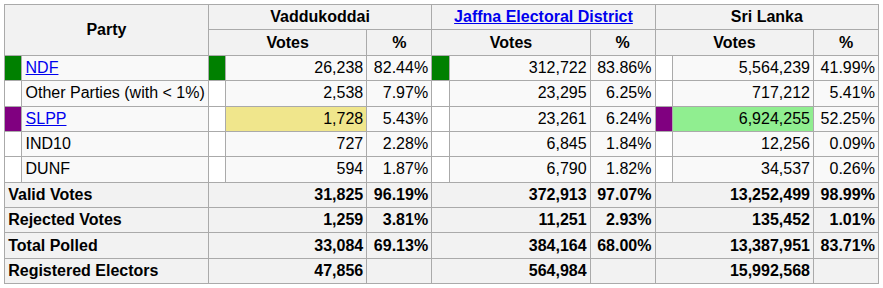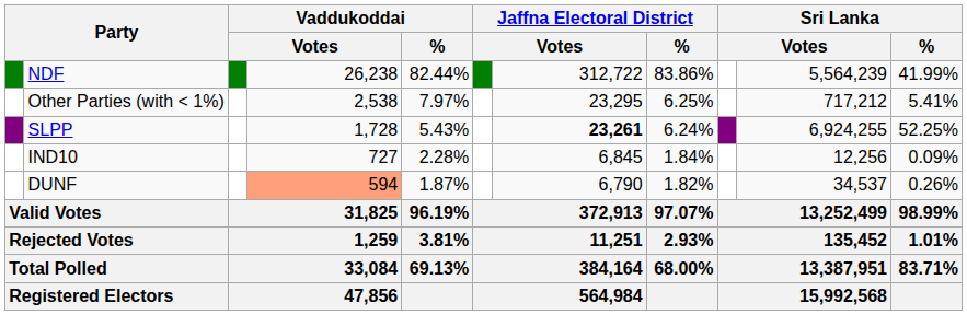 <table class="wikitable">
 <tr>
 <th colspan="2" width="144px"rowspan="2">Party</th>
 <th colspan="3" width="216px">Vaddukoddai</th>
 <th colspan="3" width="216px"><a href='#'>Jaffna Electoral District</a></th>
 <th colspan="3" width="216px">Sri Lanka</th>
 </tr>
 <tr>
 <th colspan="2" width="144px">Votes</th>
 <th>%</th>
 <th colspan="2" width="144px">Votes</th>
 <th>%</th>
 <th colspan="2" width="144px">Votes</th>
 <th>%</th>
 </tr>
 <tr>
 <td style="background-color:green;" width="10px"></td>
 <td style="text-align:left;"><a href='#'>NDF</a></td>
 <td style="background-color:green;" width="10px"></td>
 <td style="text-align:right;">26,238</td>
 <td style="text-align:right;">82.44%</td>
 <td style="background-color:green;" width="10px"></td>
 <td style="text-align:right;">312,722</td>
 <td style="text-align:right;">83.86%</td>
 <td style="background-color:white;" width="10px"></td>
 <td style="text-align:right;">5,564,239</td>
 <td style="text-align:right;">41.99%</td>
 </tr>
 <tr>
 <td style="background-color:white;" width="10px"></td>
 <td style="text-align:left;">Other Parties (with < 1%)</td>
 <td style="background-color:white;" width="10px"></td>
 <td style="text-align:right;">2,538</td>
 <td style="text-align:right;">7.97%</td>
 <td style="background-color:white;" width="10px"></td>
 <td style="text-align:right;">23,295</td>
 <td style="text-align:right;">6.25%</td>
 <td style="background-color:white;" width="10px"></td>
 <td style="text-align:right;">717,212</td>
 <td style="text-align:right;">5.41%</td>
 </tr>
 <tr>
 <td style="background-color:purple;" width="10px"></td>
 <td style="text-align:left;"><a href='#'>SLPP</a></td>
 <td style="background-color:white;" width="10px"></td>
-<td style="background: khaki; text-align:right;">1,728</td>
+<td style="text-align:right;">1,728</td>
 <td style="text-align:right;">5.43%</td>
 <td style="background-color:white;" width="10px"></td>
-<td style="text-align:right;">23,261</td>
+<td style="text-align:right;"><strong>23,261</strong></td>
 <td style="text-align:right;">6.24%</td>
 <td style="background-color:purple;" width="10px"></td>
-<td style="background: lightgreen; text-align:right;">6,924,255</td>
+<td style="text-align:right;">6,924,255</td>
 <td style="text-align:right;">52.25%</td>
 </tr>
 <tr>
 <td style="background-color:white;" width="10px"></td>
 <td style="text-align:left;">IND10</td>
 <td style="background-color:white;" width="10px"></td>
 <td style="text-align:right;">727</td>
 <td style="text-align:right;">2.28%</td>
 <td style="background-color:white;" width="10px"></td>
 <td style="text-align:right;">6,845</td>
 <td style="text-align:right;">1.84%</td>
 <td style="background-color:white;" width="10px"></td>
 <td style="text-align:right;">12,256</td>
 <td style="text-align:right;">0.09%</td>
 </tr>
 <tr>
 <td style="background-color:white;" width="10px"></td>
 <td style="text-align:left;">DUNF</td>
 <td style="background-color:white;" width="10px"></td>
-<td style="text-align:right;">594</td>
+<td style="background: lightsalmon; text-align:right;">594</td>
 <td style="text-align:right;">1.87%</td>
 <td style="background-color:white;" width="10px"></td>
 <td style="text-align:right;">6,790</td>
 <td style="text-align:right;">1.82%</td>
 <td style="background-color:white;" width="10px"></td>
 <td style="text-align:right;">34,537</td>
 <td style="text-align:right;">0.26%</td>
 </tr>
 <tr>
 <th colspan="2" width="144px"style="text-align:left;">Valid Votes</th>
 <th style="text-align:right;"colspan="2" width="144px">31,825</th>
 <th style="text-align:right;">96.19%</th>
 <th style="text-align:right;"colspan="2" width="144px">372,913</th>
 <th style="text-align:right;">97.07%</th>
 <th style="text-align:right;"colspan="2" width="144px">13,252,499</th>
 <th style="text-align:right;">98.99%</th>
 </tr>
 <tr>
 <th colspan="2" width="144px"style="text-align:left;">Rejected Votes</th>
 <th style="text-align:right;"colspan="2" width="144px">1,259</th>
 <th style="text-align:right;">3.81%</th>
 <th style="text-align:right;"colspan="2" width="144px">11,251</th>
 <th style="text-align:right;">2.93%</th>
 <th style="text-align:right;"colspan="2" width="144px">135,452</th>
 <th style="text-align:right;">1.01%</th>
 </tr>
 <tr>
 <th colspan="2" width="144px"style="text-align:left;">Total Polled</th>
 <th style="text-align:right;"colspan="2" width="144px">33,084</th>
 <th style="text-align:right;">69.13%</th>
 <th style="text-align:right;"colspan="2" width="144px">384,164</th>
 <th style="text-align:right;">68.00%</th>
 <th style="text-align:right;"colspan="2" width="144px">13,387,951</th>
 <th style="text-align:right;">83.71%</th>
 </tr>
 <tr>
 <th colspan="2" width="144px"style="text-align:left;">Registered Electors</th>
 <th style="text-align:right;"colspan="2" width="144px">47,856</th>
 <th></th>
 <th style="text-align:right;"colspan="2" width="144px">564,984</th>
 <th></th>
 <th style="text-align:right;"colspan="2" width="144px">15,992,568</th>
 <th></th>
 </tr>
 </table>
